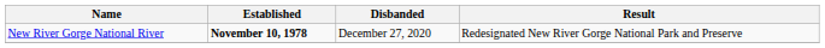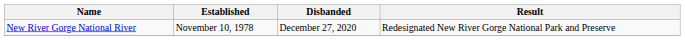 <table class="wikitable" style="width:70%;">
 <tr>
 <th>Name</th>
 <th>Established</th>
 <th>Disbanded</th>
 <th>Result</th>
 </tr>
 <tr>
 <td><a href='#'>New River Gorge National River</a></td>
-<td><strong>November 10, 1978</strong></td>
+<td>November 10, 1978</td>
 <td>December 27, 2020</td>
 <td>Redesignated New River Gorge National Park and Preserve</td>
 </tr>
 <tr>
 </tr>
 </table>
